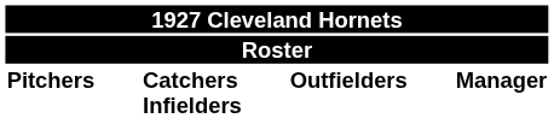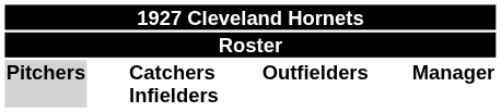 <table class="toccolours" style="font-size: 95%;">
 <tr>
 <th colspan="10" style="background-color: black; color: white; text-align: center;">1927 Cleveland Hornets</th>
 </tr>
 <tr>
 <td colspan="10" style="background-color:black; color: white; text-align: center;"><strong>Roster</strong></td>
 </tr>
 <tr>
-<td valign="top"><strong>Pitchers</strong><br>      </td>
+<td valign="top" style="background: lightgrey;"><strong>Pitchers</strong><br>      </td>
 <td width="25px"></td>
 <td valign="top"><strong>Catchers</strong><br>  <strong>Infielders</strong>          </td>
 <td width="25px"></td>
 <td valign="top"><strong>Outfielders</strong><br>    </td>
 <td width="25px"></td>
 <td valign="top"><strong>Manager</strong><br></td>
 </tr>
 </table>
